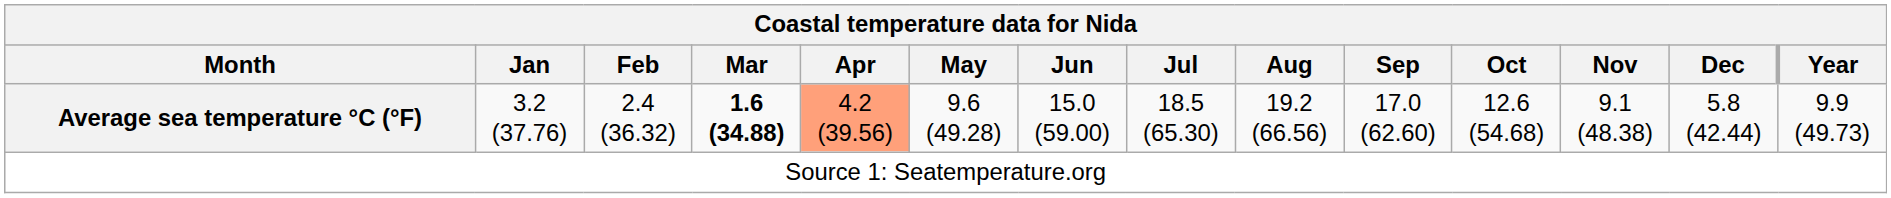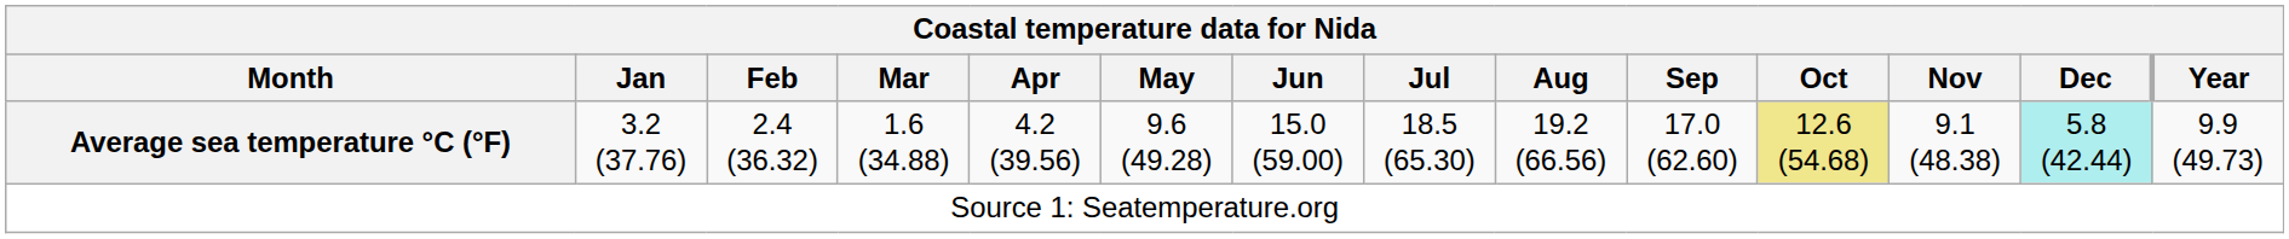 <table style="width:100%;text-align:center;line-height:1.2em;margin-left:auto;margin-right:auto" class="wikitable">
 <tr>
 <th Colspan=14>Coastal temperature data for Nida</th>
 </tr>
 <tr>
 <th>Month</th>
 <th>Jan</th>
 <th>Feb</th>
 <th>Mar</th>
 <th>Apr</th>
 <th>May</th>
 <th>Jun</th>
 <th>Jul</th>
 <th>Aug</th>
 <th>Sep</th>
 <th>Oct</th>
 <th>Nov</th>
 <th>Dec</th>
 <th style="border-left-width:medium">Year</th>
 </tr>
 <tr>
 <th>Average sea temperature °C (°F)</th>
 <td>3.2<br>(37.76)</td>
 <td>2.4<br>(36.32)</td>
-<td><strong>1.6<br>(34.88)</strong></td>
-<td style="background: lightsalmon;">4.2<br>(39.56)</td>
+<td>1.6<br>(34.88)</td>
+<td>4.2<br>(39.56)</td>
 <td>9.6<br>(49.28)</td>
 <td>15.0<br>(59.00)</td>
 <td>18.5<br>(65.30)</td>
 <td>19.2<br>(66.56)</td>
 <td>17.0<br>(62.60)</td>
-<td>12.6<br>(54.68)</td>
+<td style="background: khaki;">12.6<br>(54.68)</td>
 <td>9.1<br>(48.38)</td>
-<td>5.8<br>(42.44)</td>
+<td style="background: paleturquoise;">5.8<br>(42.44)</td>
 <td>9.9<br>(49.73)</td>
 </tr>
 <tr>
 <th Colspan=14 style="background:#ffffff;font-weight:normal;font-size:100%;">Source 1: Seatemperature.org</th>
 </tr>
 </table>
